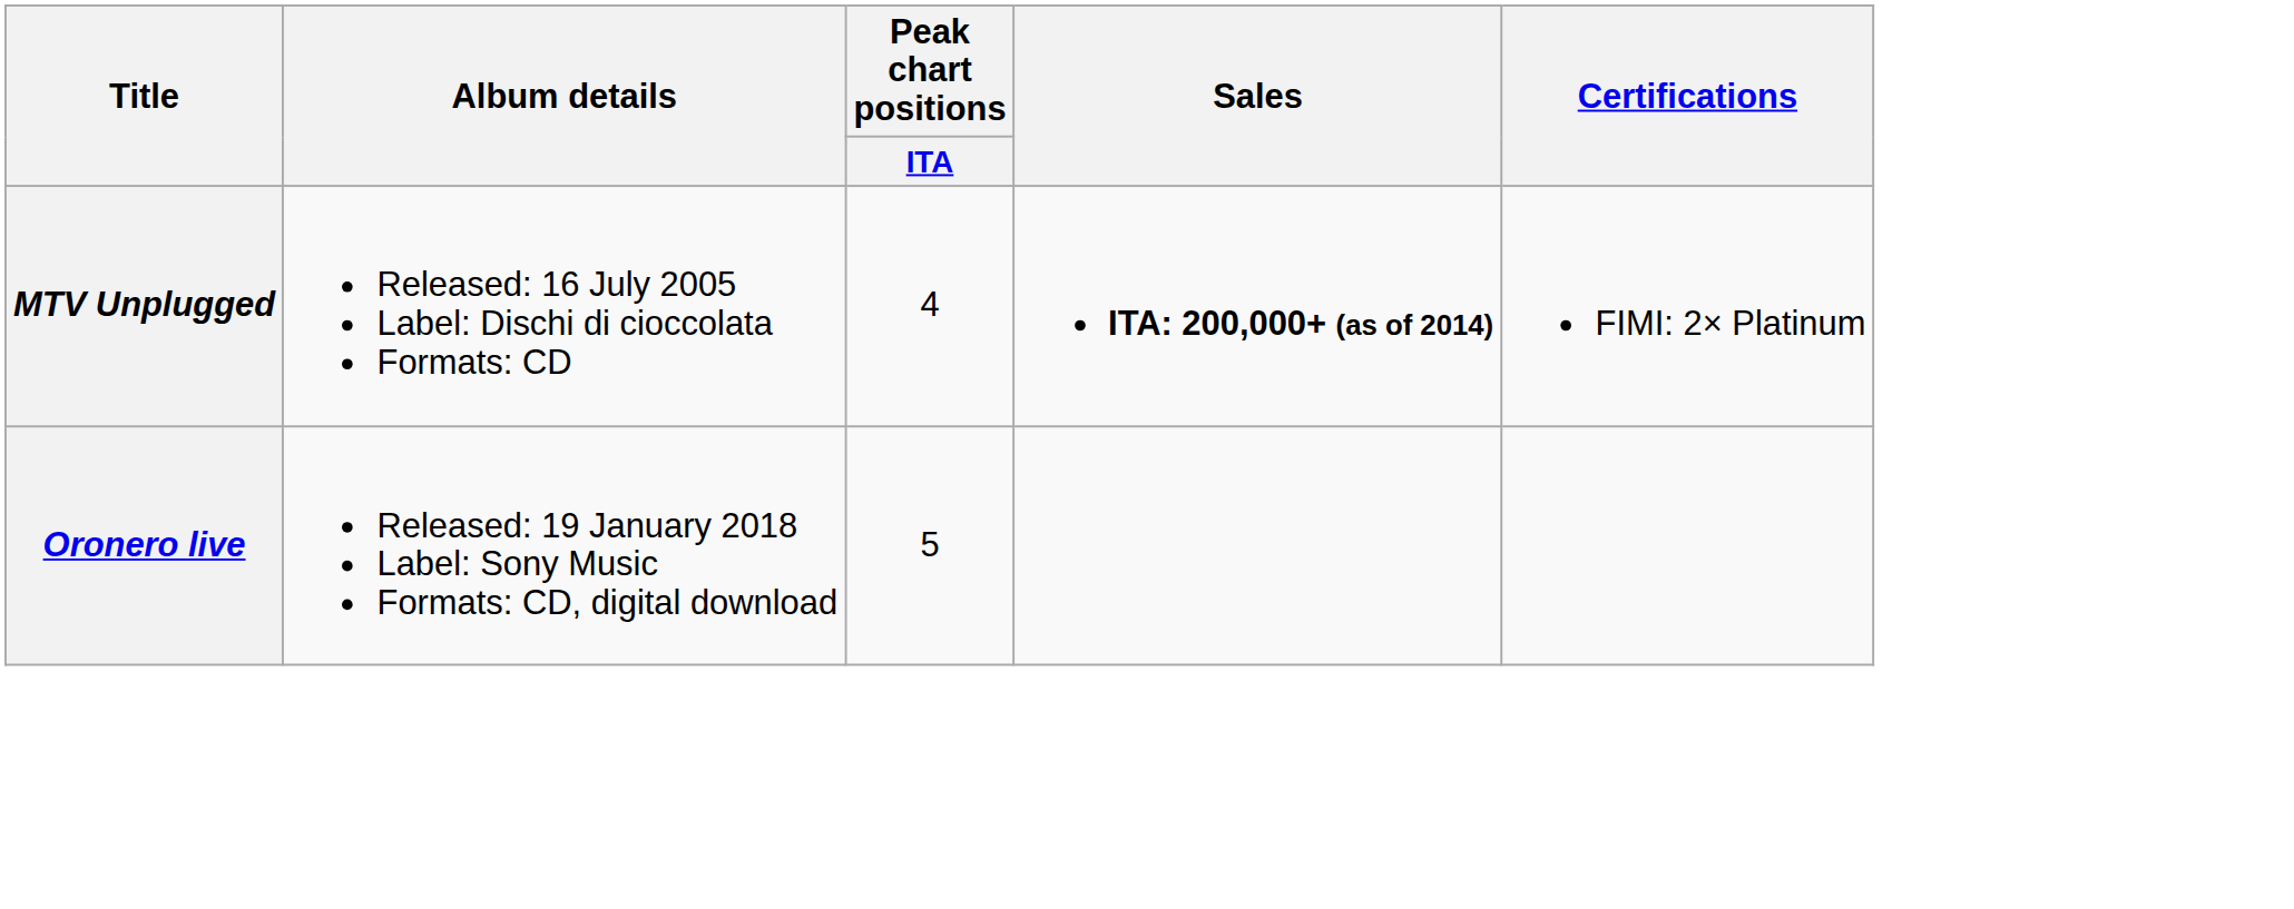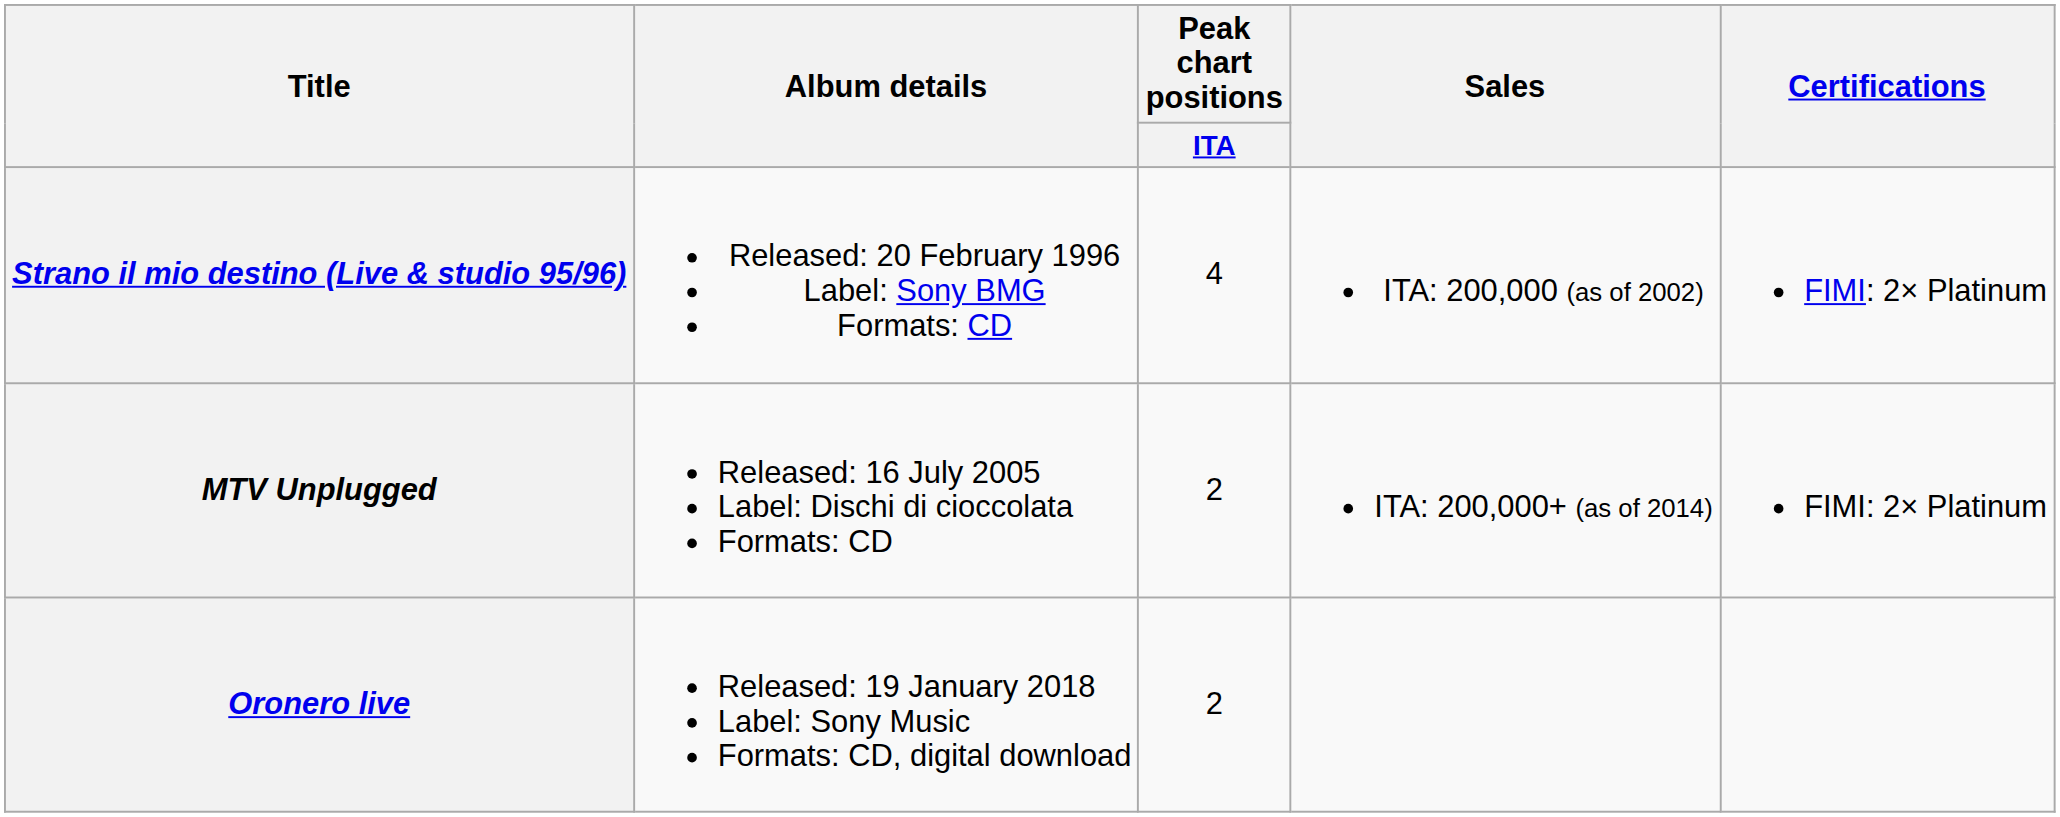 <table class="wikitable plainrowheaders" style="text-align:center;" border="1">
 <tr>
 <th scope="column" rowspan="2">Title</th>
 <th scope="column" rowspan="2">Album details</th>
 <th scope="column" colspan="1">Peak chart positions</th>
 <th scope="column" rowspan="2">Sales</th>
 <th scope="column" rowspan="2"><a href='#'>Certifications</a></th>
 </tr>
 <tr>
 <th scope="col" style="width:3em;font-size:90%;"><a href='#'>ITA</a><br></th>
 </tr>
 <tr>
+<th scope="row"><em><a href='#'>Strano il mio destino (Live & studio 95/96)</a></em></th>
+<td style="texta-align:left;"><br><ul><li>Released: 20 February 1996</li><li>Label: <a href='#'>Sony BMG</a></li><li>Formats: <a href='#'>CD</a></li></ul></td>
+<td>4</td>
+<td><br><ul><li>ITA: 200,000 <small>(as of 2002)</small></li></ul></td>
+<td style="text-align:left;"><br><ul><li><a href='#'>FIMI</a>: 2× Platinum</li></ul></td>
+</tr>
+<tr>
 <th scope="row"><em>MTV Unplugged</em></th>
 <td style="text-align:left;"><br><ul><li>Released: 16 July 2005</li><li>Label: Dischi di cioccolata</li><li>Formats: CD</li></ul></td>
-<td>4</td>
-<td><strong><br><ul><li>ITA: 200,000+ <small>(as of 2014)</small></li></ul></strong></td>
+<td>2</td>
+<td><br><ul><li>ITA: 200,000+ <small>(as of 2014)</small></li></ul></td>
 <td style="text-align:left;"><br><ul><li>FIMI: 2× Platinum</li></ul></td>
 </tr>
 <tr>
 <th scope="row"><em><a href='#'>Oronero live</a></em></th>
 <td style="text-align:left;"><br><ul><li>Released: 19 January 2018</li><li>Label: Sony Music</li><li>Formats: CD, digital download</li></ul></td>
-<td>5</td>
+<td>2</td>
 <td></td>
 <td style="text-align:left;"></td>
 </tr>
 </table>
